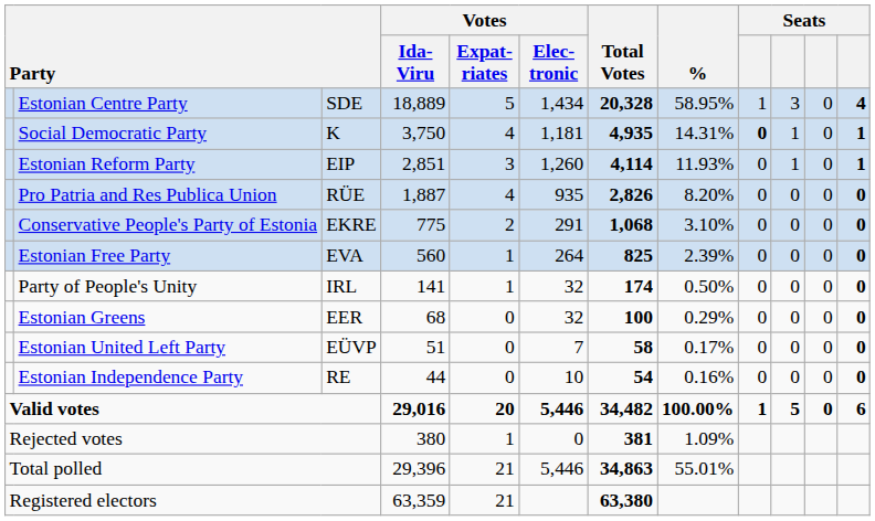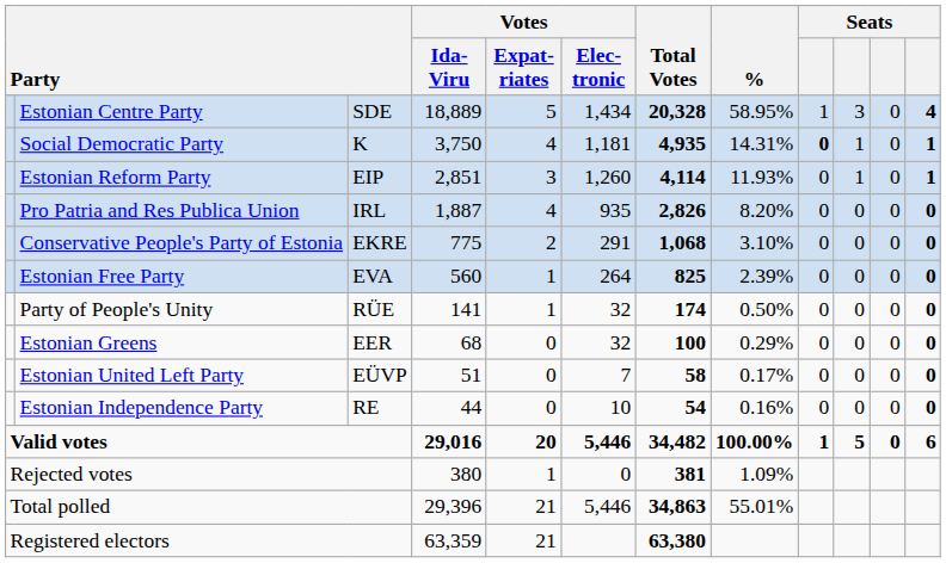 <table class="wikitable" border="1" style="text-align:right;">
 <tr>
 <th style="text-align:left;" valign=bottom rowspan=2 colspan=3>Party</th>
 <th colspan=3>Votes</th>
 <th align=center valign=bottom rowspan=2 width="50">Total Votes</th>
 <th align=center valign=bottom rowspan=2 width="50">%</th>
 <th colspan=4>Seats</th>
 </tr>
 <tr>
 <th align=center valign=bottom width="50"><a href='#'>Ida- Viru</a></th>
 <th align=center valign=bottom width="50"><a href='#'>Expat- riates</a></th>
 <th align=center valign=bottom width="50"><a href='#'>Elec- tronic</a></th>
 <th align=center valign=bottom width="20"><small></small></th>
 <th align=center valign=bottom width="20"><small></small></th>
 <th align=center valign=bottom width="20"><small></small></th>
 <th align=center valign=bottom width="20"><small></small></th>
 </tr>
 <tr style="background:#CEE0F2;">
 <td style="background:"></td>
 <td align=left><a href='#'>Estonian Centre Party</a></td>
 <td align=left>SDE</td>
 <td>18,889</td>
 <td>5</td>
 <td>1,434</td>
 <td><strong>20,328</strong></td>
 <td>58.95%</td>
 <td>1</td>
 <td>3</td>
 <td>0</td>
 <td><strong>4</strong></td>
 </tr>
 <tr style="background:#CEE0F2;">
 <td style="background:"></td>
 <td align=left><a href='#'>Social Democratic Party</a></td>
 <td align=left>K</td>
 <td>3,750</td>
 <td>4</td>
 <td>1,181</td>
 <td><strong>4,935</strong></td>
 <td>14.31%</td>
 <td><strong>0</strong></td>
 <td>1</td>
 <td>0</td>
 <td><strong>1</strong></td>
 </tr>
 <tr style="background:#CEE0F2;">
 <td style="background:"></td>
 <td align=left><a href='#'>Estonian Reform Party</a></td>
 <td align=left>EIP</td>
 <td>2,851</td>
 <td>3</td>
 <td>1,260</td>
 <td><strong>4,114</strong></td>
 <td>11.93%</td>
 <td>0</td>
 <td>1</td>
 <td>0</td>
 <td><strong>1</strong></td>
 </tr>
 <tr style="background:#CEE0F2;">
 <td style="background:"></td>
 <td align=left><a href='#'>Pro Patria and Res Publica Union</a></td>
-<td align=left>RÜE</td>
+<td align=left>IRL</td>
 <td>1,887</td>
 <td>4</td>
 <td>935</td>
 <td><strong>2,826</strong></td>
 <td>8.20%</td>
 <td>0</td>
 <td>0</td>
 <td>0</td>
 <td><strong>0</strong></td>
 </tr>
 <tr style="background:#CEE0F2;">
 <td style="background:"></td>
 <td align=left><a href='#'>Conservative People's Party of Estonia</a></td>
 <td align=left>EKRE</td>
 <td>775</td>
 <td>2</td>
 <td>291</td>
 <td><strong>1,068</strong></td>
 <td>3.10%</td>
 <td>0</td>
 <td>0</td>
 <td>0</td>
 <td><strong>0</strong></td>
 </tr>
 <tr style="background:#CEE0F2;">
 <td style="background:"></td>
 <td align=left><a href='#'>Estonian Free Party</a></td>
 <td align=left>EVA</td>
 <td>560</td>
 <td>1</td>
 <td>264</td>
 <td><strong>825</strong></td>
 <td>2.39%</td>
 <td>0</td>
 <td>0</td>
 <td>0</td>
 <td><strong>0</strong></td>
 </tr>
 <tr>
 <td></td>
 <td align=left>Party of People's Unity</td>
-<td align=left>IRL</td>
+<td align=left>RÜE</td>
 <td>141</td>
 <td>1</td>
 <td>32</td>
 <td><strong>174</strong></td>
 <td>0.50%</td>
 <td>0</td>
 <td>0</td>
 <td>0</td>
 <td><strong>0</strong></td>
 </tr>
 <tr>
 <td style="background:"></td>
 <td align=left><a href='#'>Estonian Greens</a></td>
 <td align=left>EER</td>
 <td>68</td>
 <td>0</td>
 <td>32</td>
 <td><strong>100</strong></td>
 <td>0.29%</td>
 <td>0</td>
 <td>0</td>
 <td>0</td>
 <td><strong>0</strong></td>
 </tr>
 <tr>
 <td style="background:"></td>
 <td align=left><a href='#'>Estonian United Left Party</a></td>
 <td align=left>EÜVP</td>
 <td>51</td>
 <td>0</td>
 <td>7</td>
 <td><strong>58</strong></td>
 <td>0.17%</td>
 <td>0</td>
 <td>0</td>
 <td>0</td>
 <td><strong>0</strong></td>
 </tr>
 <tr>
 <td style="background:"></td>
 <td align=left><a href='#'>Estonian Independence Party</a></td>
 <td align=left>RE</td>
 <td>44</td>
 <td>0</td>
 <td>10</td>
 <td><strong>54</strong></td>
 <td>0.16%</td>
 <td>0</td>
 <td>0</td>
 <td>0</td>
 <td><strong>0</strong></td>
 </tr>
 <tr style="font-weight:bold">
 <td align=left colspan=3>Valid votes</td>
 <td>29,016</td>
 <td>20</td>
 <td>5,446</td>
 <td>34,482</td>
 <td>100.00%</td>
 <td>1</td>
 <td>5</td>
 <td>0</td>
 <td>6</td>
 </tr>
 <tr>
 <td align=left colspan=3>Rejected votes</td>
 <td>380</td>
 <td>1</td>
 <td>0</td>
 <td><strong>381</strong></td>
 <td>1.09%</td>
 <td></td>
 <td></td>
 <td></td>
 <td></td>
 </tr>
 <tr>
 <td align=left colspan=3>Total polled</td>
 <td>29,396</td>
 <td>21</td>
 <td>5,446</td>
 <td><strong>34,863</strong></td>
 <td>55.01%</td>
 <td></td>
 <td></td>
 <td></td>
 <td></td>
 </tr>
 <tr>
 <td align=left colspan=3>Registered electors</td>
 <td>63,359</td>
 <td>21</td>
 <td></td>
 <td><strong>63,380</strong></td>
 <td></td>
 <td></td>
 <td></td>
 <td></td>
 <td></td>
 </tr>
 </table>
